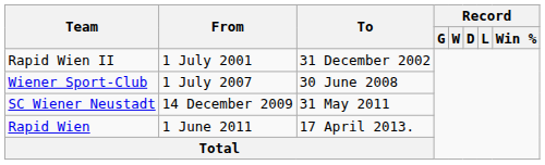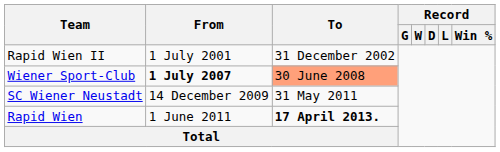 <table class="wikitable" style="text-align: center">
 <tr>
 <th rowspan="2">Team</th>
 <th rowspan="2">From</th>
 <th rowspan="2">To</th>
 <th colspan="6">Record</th>
 </tr>
 <tr>
 <th>G</th>
 <th>W</th>
 <th>D</th>
 <th>L</th>
 <th>Win %</th>
 </tr>
 <tr>
 <td align=left>Rapid Wien II</td>
 <td align=left>1 July 2001</td>
 <td align=left>31 December 2002<br></td>
 </tr>
 <tr>
 <td align=left><a href='#'>Wiener Sport-Club</a></td>
-<td align=left>1 July 2007</td>
-<td align=left>30 June 2008<br></td>
+<td align=left><strong>1 July 2007</strong></td>
+<td align=left style="background: lightsalmon;">30 June 2008<br></td>
 </tr>
 <tr>
 <td align=left><a href='#'>SC Wiener Neustadt</a></td>
 <td align=left>14 December 2009</td>
 <td align=left>31 May 2011<br></td>
 </tr>
 <tr>
 <td align=left><a href='#'>Rapid Wien</a></td>
 <td align=left>1 June 2011</td>
-<td align=left>17 April 2013.<br></td>
+<td align=left><strong>17 April 2013.<br></strong></td>
 </tr>
 <tr>
 <th colspan="3">Total<br></th>
 </tr>
 </table>
